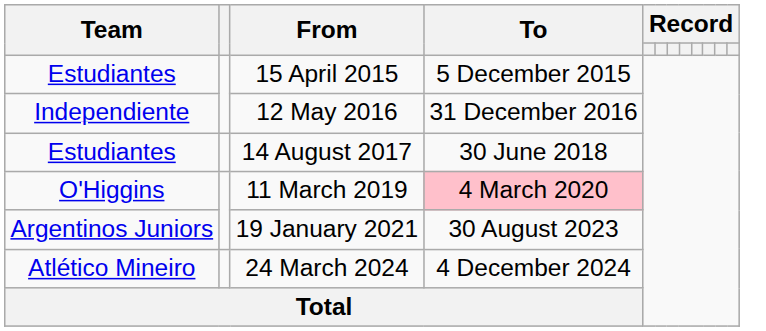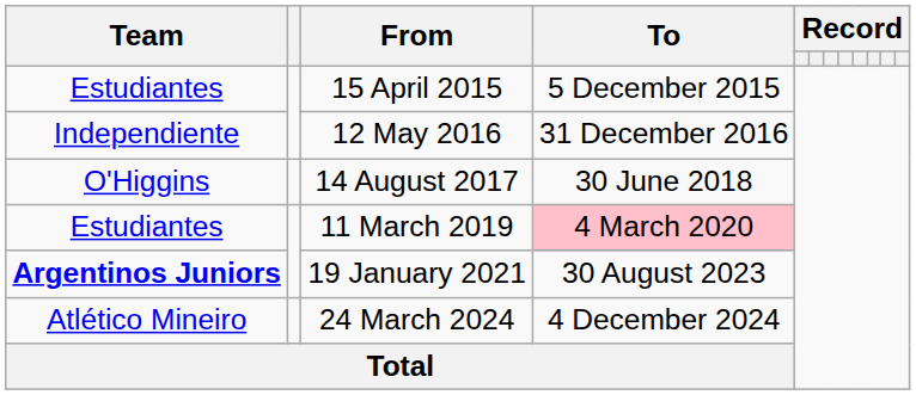 <table class="wikitable" style="text-align: center">
 <tr>
 <th rowspan="2">Team</th>
 <th rowspan="2"></th>
 <th rowspan="2">From</th>
 <th rowspan="2">To</th>
 <th colspan="8">Record</th>
 </tr>
 <tr>
 <th></th>
 <th></th>
 <th></th>
 <th></th>
 <th></th>
 <th></th>
 <th></th>
 <th></th>
 </tr>
 <tr>
 <td><a href='#'>Estudiantes</a></td>
 <td rowspan="2"></td>
 <td>15 April 2015</td>
 <td>5 December 2015<br></td>
 </tr>
 <tr>
 <td><a href='#'>Independiente</a></td>
 <td>12 May 2016</td>
 <td>31 December 2016<br></td>
 </tr>
 <tr>
-<td><a href='#'>Estudiantes</a></td>
+<td><a href='#'>O'Higgins</a></td>
 <td></td>
 <td>14 August 2017</td>
 <td>30 June 2018<br></td>
 </tr>
 <tr>
-<td><a href='#'>O'Higgins</a></td>
+<td><a href='#'>Estudiantes</a></td>
 <td rowspan="2"></td>
 <td>11 March 2019</td>
 <td style="background: pink;">4 March 2020<br></td>
 </tr>
 <tr>
-<td><a href='#'>Argentinos Juniors</a></td>
+<td><strong><a href='#'>Argentinos Juniors</a></strong></td>
 <td>19 January 2021</td>
 <td>30 August 2023<br></td>
 </tr>
 <tr>
 <td><a href='#'>Atlético Mineiro</a></td>
 <td rowspan="1"></td>
 <td>24 March 2024</td>
 <td>4 December 2024<br></td>
 </tr>
 <tr>
 <th colspan="4">Total<br></th>
 </tr>
 </table>
